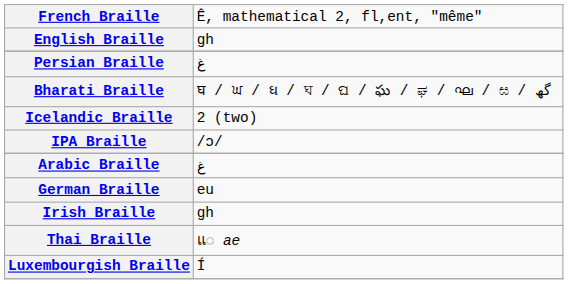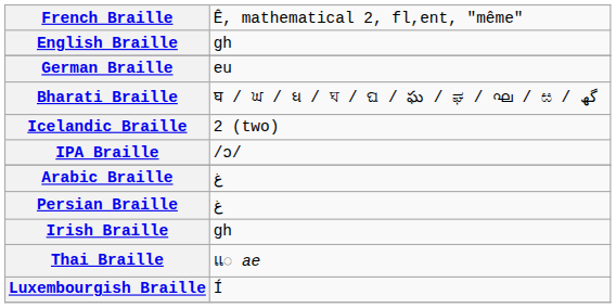 <table class="wikitable">
 <tr>
 <th align=left><a href='#'>French Braille</a></th>
 <td>Ê, mathematical 2, fl,ent, "même"</td>
 </tr>
 <tr>
 <th align=left><a href='#'>English Braille</a></th>
 <td>gh</td>
 </tr>
 <tr>
 </tr>
 <tr>
-<th align=left><a href='#'>Persian Braille</a></th>
-<td>غ</td>
+<th align=left><a href='#'>German Braille</a></th>
+<td>eu</td>
 </tr>
 <tr>
 <th align=left><a href='#'>Bharati Braille</a></th>
 <td>घ / ਘ / ઘ / ঘ / ଘ / ఘ / ಘ / ഘ / ඝ / گھ ‎</td>
 </tr>
 <tr>
 <th align=left><a href='#'>Icelandic Braille</a></th>
 <td>2 (two)</td>
 </tr>
 <tr>
 <th align=left><a href='#'>IPA Braille</a></th>
 <td>/ɔ/</td>
 </tr>
 <tr>
 </tr>
 <tr>
 </tr>
 <tr>
 <th align=left><a href='#'>Arabic Braille</a></th>
 <td>غ</td>
 </tr>
 <tr>
-<th align=left><a href='#'>German Braille</a></th>
-<td>eu</td>
+<th align=left><a href='#'>Persian Braille</a></th>
+<td>غ</td>
 </tr>
 <tr>
 <th align=left><a href='#'>Irish Braille</a></th>
 <td>gh</td>
 </tr>
 <tr>
 <th align=left><a href='#'>Thai Braille</a></th>
 <td>แ◌ <em>ae</em></td>
 </tr>
 <tr>
 <th align=left><a href='#'>Luxembourgish Braille</a></th>
 <td>Í</td>
 </tr>
 <tr>
 </tr>
 </table>
